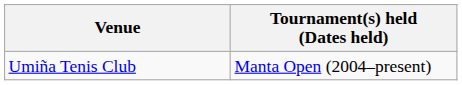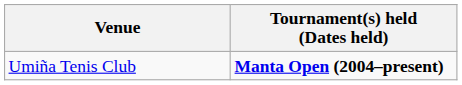 <table class=wikitable>
 <tr>
 <th width=200>Venue</th>
 <th width=200>Tournament(s) held<br>(Dates held)</th>
 </tr>
 <tr>
 <td><a href='#'>Umiña Tenis Club</a></td>
-<td><a href='#'>Manta Open</a> (2004–present)</td>
+<td><strong><a href='#'>Manta Open</a> (2004–present)</strong></td>
 </tr>
 </table>
